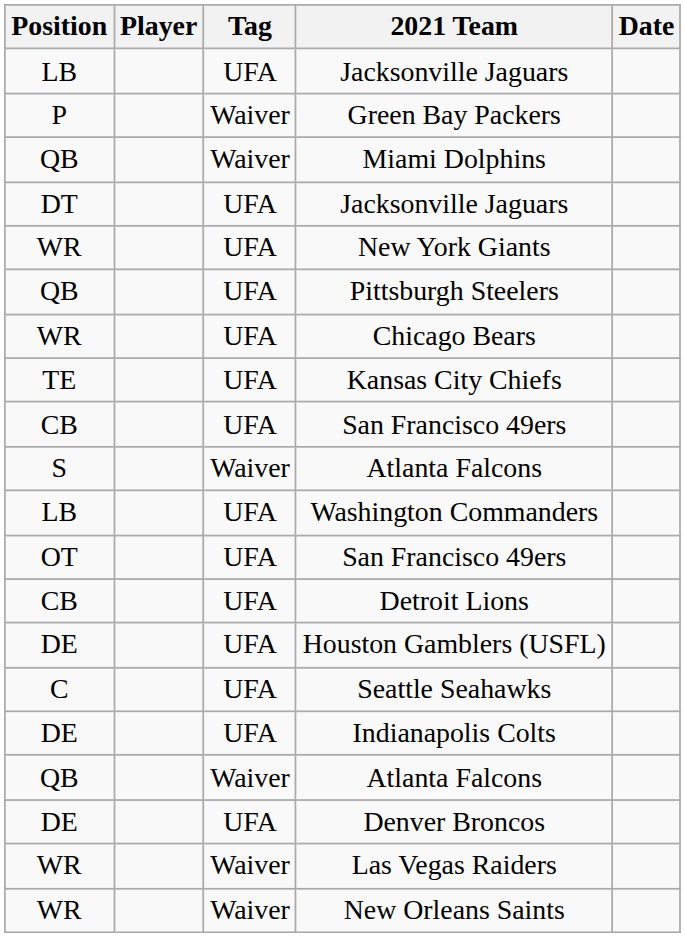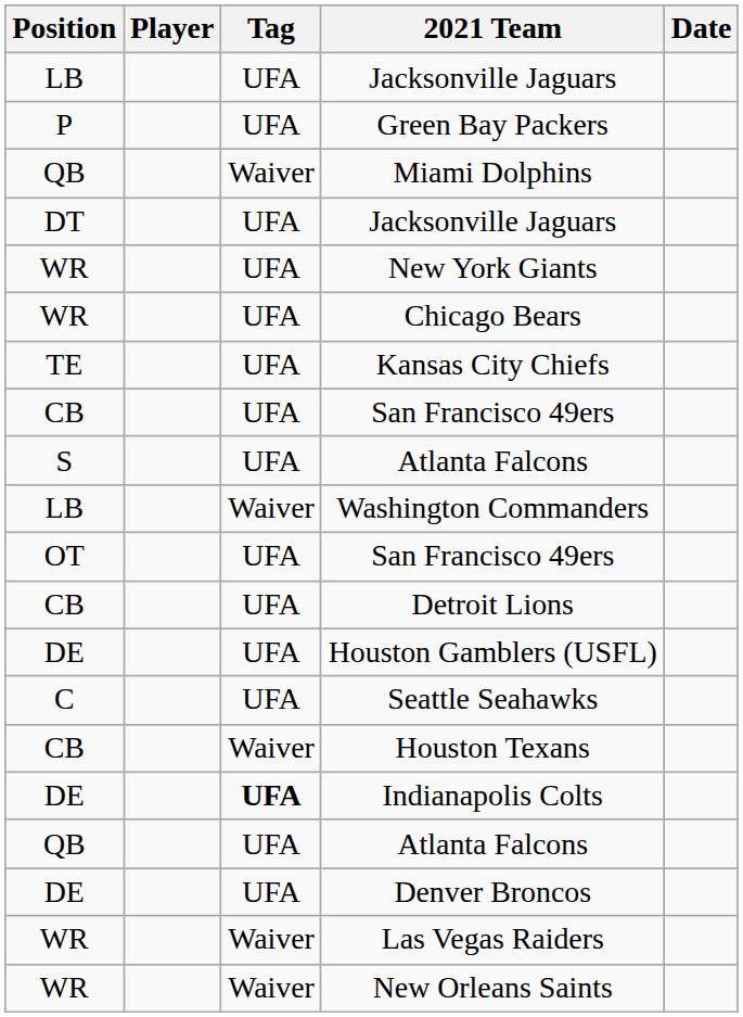 <table class="wikitable sortable" style="text-align:center">
 <tr>
 <th>Position</th>
 <th>Player</th>
 <th>Tag</th>
 <th>2021 Team</th>
 <th>Date</th>
 </tr>
 <tr>
 <td>LB</td>
 <td></td>
 <td>UFA</td>
 <td>Jacksonville Jaguars</td>
 <td></td>
 </tr>
 <tr>
 <td>P</td>
 <td></td>
-<td>Waiver</td>
+<td>UFA</td>
 <td>Green Bay Packers</td>
 <td></td>
 </tr>
 <tr>
 <td>QB</td>
 <td></td>
 <td>Waiver</td>
 <td>Miami Dolphins</td>
 <td></td>
 </tr>
 <tr>
 <td>DT</td>
 <td></td>
 <td>UFA</td>
 <td>Jacksonville Jaguars</td>
 <td></td>
 </tr>
 <tr>
 <td>WR</td>
 <td></td>
 <td>UFA</td>
 <td>New York Giants</td>
-<td></td>
-</tr>
-<tr>
-<td>QB</td>
-<td></td>
-<td>UFA</td>
-<td>Pittsburgh Steelers</td>
 <td></td>
 </tr>
 <tr>
 <td>WR</td>
 <td></td>
 <td>UFA</td>
 <td>Chicago Bears</td>
 <td></td>
 </tr>
 <tr>
 <td>TE</td>
 <td></td>
 <td>UFA</td>
 <td>Kansas City Chiefs</td>
 <td></td>
 </tr>
 <tr>
 <td>CB</td>
 <td></td>
 <td>UFA</td>
 <td>San Francisco 49ers</td>
 <td></td>
 </tr>
 <tr>
 <td>S</td>
 <td></td>
-<td>Waiver</td>
+<td>UFA</td>
 <td>Atlanta Falcons</td>
 <td></td>
 </tr>
 <tr>
 <td>LB</td>
 <td></td>
-<td>UFA</td>
+<td>Waiver</td>
 <td>Washington Commanders</td>
 <td></td>
 </tr>
 <tr>
 <td>OT</td>
 <td></td>
 <td>UFA</td>
 <td>San Francisco 49ers</td>
 <td></td>
 </tr>
 <tr>
 <td>CB</td>
 <td></td>
 <td>UFA</td>
 <td>Detroit Lions</td>
 <td></td>
 </tr>
 <tr>
 <td>DE</td>
 <td></td>
 <td>UFA</td>
 <td>Houston Gamblers (USFL)</td>
 <td></td>
 </tr>
 <tr>
 <td>C</td>
 <td></td>
 <td>UFA</td>
 <td>Seattle Seahawks</td>
 <td></td>
 </tr>
 <tr>
+<td>CB</td>
+<td></td>
+<td>Waiver</td>
+<td>Houston Texans</td>
+<td></td>
+</tr>
+<tr>
 <td>DE</td>
 <td></td>
-<td>UFA</td>
+<td><strong>UFA</strong></td>
 <td>Indianapolis Colts</td>
 <td></td>
 </tr>
 <tr>
 <td>QB</td>
 <td></td>
-<td>Waiver</td>
+<td>UFA</td>
 <td>Atlanta Falcons</td>
 <td></td>
 </tr>
 <tr>
 <td>DE</td>
 <td></td>
 <td>UFA</td>
 <td>Denver Broncos</td>
 <td></td>
 </tr>
 <tr>
 <td>WR</td>
 <td></td>
 <td>Waiver</td>
 <td>Las Vegas Raiders</td>
 <td></td>
 </tr>
 <tr>
 <td>WR</td>
 <td></td>
 <td>Waiver</td>
 <td>New Orleans Saints</td>
 <td></td>
 </tr>
 </table>
